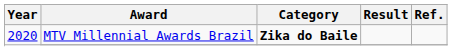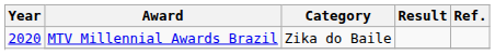 <table class="wikitable">
 <tr>
 <th>Year</th>
 <th>Award</th>
 <th>Category</th>
 <th>Result</th>
 <th>Ref.</th>
 </tr>
 <tr>
 <td rowspan=3><a href='#'>2020</a></td>
 <td><a href='#'>MTV Millennial Awards Brazil</a></td>
-<td><strong>Zika do Baile</strong></td>
+<td>Zika do Baile</td>
 <td></td>
 <td></td>
 </tr>
 <tr>
 </tr>
 </table>
